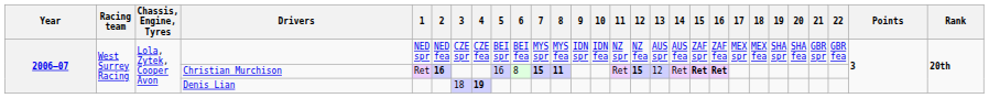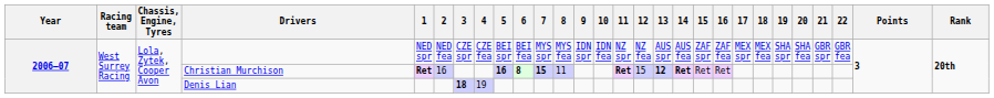 <table class="wikitable" style="font-size: 85%">
 <tr>
 <th>Year</th>
 <th width="4%">Racing<br>team</th>
 <th width="4%">Chassis,<br>Engine,<br>Tyres</th>
 <th>Drivers</th>
 <th width="2%">1</th>
 <th width="2%">2</th>
 <th width="2%">3</th>
 <th width="2%">4</th>
 <th width="2%">5</th>
 <th width="2%">6</th>
 <th width="2%">7</th>
 <th width="2%">8</th>
 <th width="2%">9</th>
 <th width="2%">10</th>
 <th width="2%">11</th>
 <th width="2%">12</th>
 <th width="2%">13</th>
 <th width="2%">14</th>
 <th width="2%">15</th>
 <th width="2%">16</th>
 <th width="2%">17</th>
 <th width="2%">18</th>
 <th width="2%">19</th>
 <th width="2%">20</th>
 <th width="2%">21</th>
 <th width="2%">22</th>
 <th>Points</th>
 <th>Rank</th>
 </tr>
 <tr>
 <th rowspan=3><a href='#'>2006–07</a></th>
 <td rowspan=3><a href='#'>West Surrey Racing</a></td>
 <td rowspan=3><a href='#'>Lola</a>,<br><a href='#'>Zytek</a>,<br><a href='#'>Cooper Avon</a></td>
 <td></td>
 <td><a href='#'>NED spr</a></td>
 <td><a href='#'>NED fea</a></td>
 <td><a href='#'>CZE spr</a></td>
 <td><a href='#'>CZE fea</a></td>
 <td><a href='#'>BEI spr</a></td>
 <td><a href='#'>BEI fea</a></td>
 <td><a href='#'>MYS spr</a></td>
 <td><a href='#'>MYS fea</a></td>
 <td><a href='#'>IDN spr</a></td>
 <td><a href='#'>IDN fea</a></td>
 <td><a href='#'>NZ spr</a></td>
 <td><a href='#'>NZ fea</a></td>
 <td><a href='#'>AUS spr</a></td>
 <td><a href='#'>AUS fea</a></td>
 <td><a href='#'>ZAF spr</a></td>
 <td><a href='#'>ZAF fea</a></td>
 <td><a href='#'>MEX spr</a></td>
 <td><a href='#'>MEX fea</a></td>
 <td><a href='#'>SHA spr</a></td>
 <td><a href='#'>SHA fea</a></td>
 <td><a href='#'>GBR spr</a></td>
 <td><a href='#'>GBR fea</a></td>
 <td rowspan=3><strong>3</strong></td>
 <td rowspan=3><strong>20th</strong></td>
 </tr>
 <tr>
 <td><a href='#'>Christian Murchison</a></td>
-<td style="background:#EFCFFF;">Ret</td>
-<td style="background:#CFCFFF;"><strong>16</strong></td>
+<td style="background:#EFCFFF;"><strong>Ret</strong></td>
+<td style="background:#CFCFFF;">16</td>
 <td></td>
 <td></td>
-<td style="background:#CFCFFF;">16</td>
-<td style="background:#DFFFDF;">8</td>
+<td style="background:#CFCFFF;"><strong>16</strong></td>
+<td style="background:#DFFFDF;"><strong>8</strong></td>
 <td style="background:#CFCFFF;"><strong>15</strong></td>
-<td style="background:#CFCFFF;"><strong>11</strong></td>
+<td style="background:#CFCFFF;">11</td>
 <td></td>
 <td></td>
+<td style="background:#EFCFFF;"><strong>Ret</strong></td>
+<td style="background:#CFCFFF;">15</td>
+<td style="background:#CFCFFF;"><strong>12</strong></td>
+<td style="background:#EFCFFF;"><strong>Ret</strong></td>
 <td style="background:#EFCFFF;">Ret</td>
-<td style="background:#CFCFFF;"><strong>15</strong></td>
-<td style="background:#CFCFFF;">12</td>
 <td style="background:#EFCFFF;">Ret</td>
-<td style="background:#EFCFFF;"><strong>Ret</strong></td>
-<td style="background:#EFCFFF;"><strong>Ret</strong></td>
 <td></td>
 <td></td>
 <td></td>
 <td></td>
 <td></td>
 <td></td>
 </tr>
 <tr>
 <td><a href='#'>Denis Lian</a></td>
 <td></td>
 <td></td>
-<td style="background:#CFCFFF;">18</td>
-<td style="background:#CFCFFF;"><strong>19</strong></td>
+<td style="background:#CFCFFF;"><strong>18</strong></td>
+<td style="background:#CFCFFF;">19</td>
 <td></td>
 <td></td>
 <td></td>
 <td></td>
 <td></td>
 <td></td>
 <td></td>
 <td></td>
 <td></td>
 <td></td>
 <td></td>
 <td></td>
 <td></td>
 <td></td>
 <td></td>
 <td></td>
 <td></td>
 <td></td>
 </tr>
 </table>
